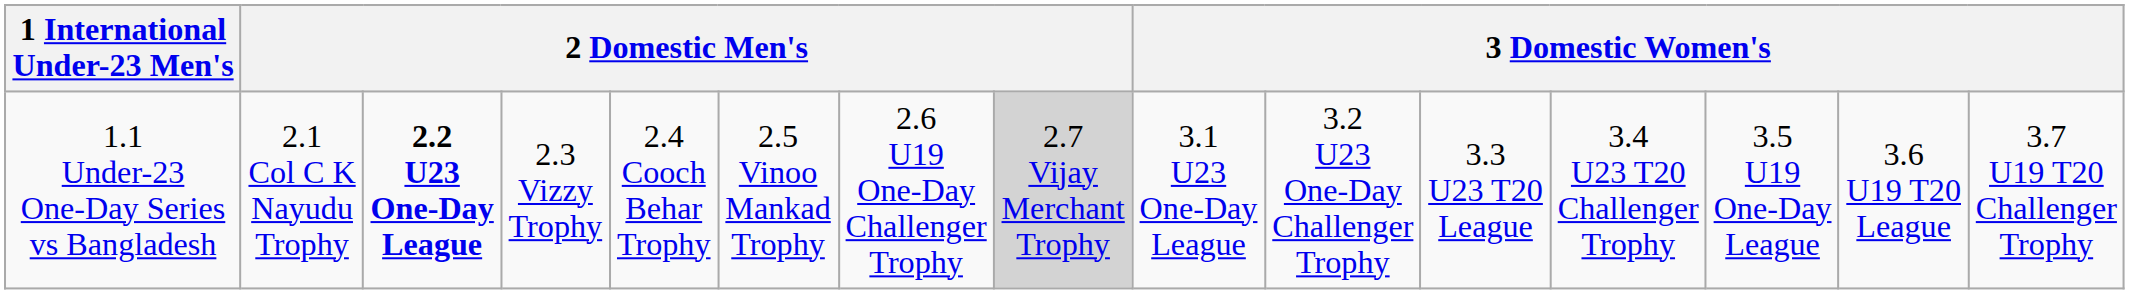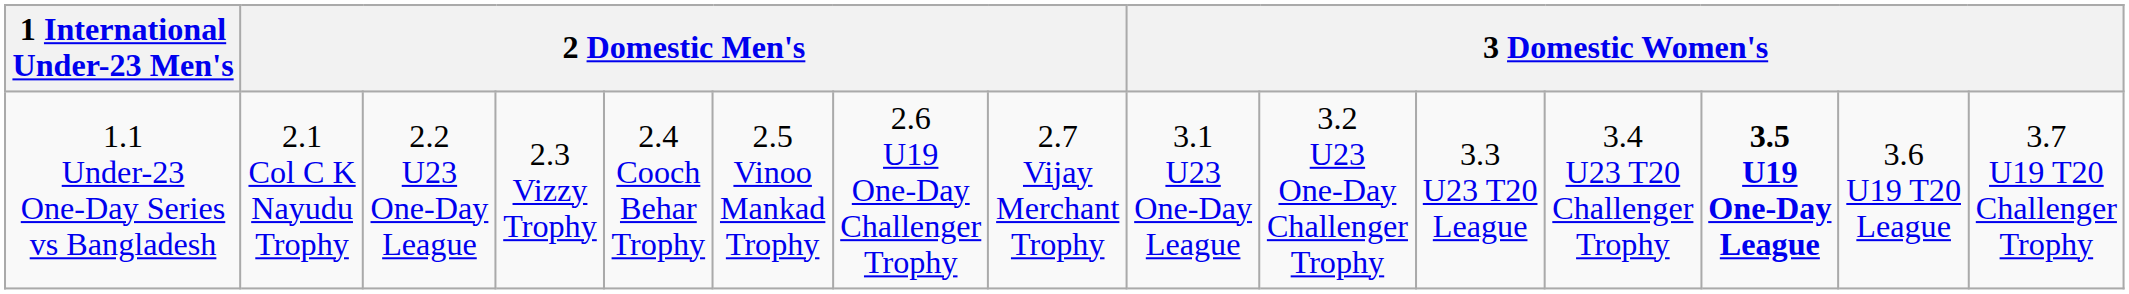 <table class="wikitable collapsible" style="text-align:center; white-space:nowrap;">
 <tr>
 <th colspan=1>1 <a href='#'>International<br>Under-23 Men's</a></th>
 <th colspan=7>2 <a href='#'>Domestic Men's</a></th>
 <th colspan=7>3 <a href='#'>Domestic Women's</a></th>
 </tr>
 <tr>
 <td>1.1<br><a href='#'>Under-23<br>One-Day Series<br>vs Bangladesh</a></td>
 <td>2.1<br><a href='#'>Col C K<br>Nayudu<br>Trophy</a></td>
-<td><strong>2.2<br><a href='#'>U23<br>One-Day<br>League</a></strong></td>
+<td>2.2<br><a href='#'>U23<br>One-Day<br>League</a></td>
 <td>2.3<br><a href='#'>Vizzy<br>Trophy</a></td>
 <td>2.4<br><a href='#'>Cooch<br>Behar<br>Trophy</a></td>
 <td>2.5<br><a href='#'>Vinoo<br>Mankad<br>Trophy</a></td>
 <td>2.6<br><a href='#'>U19<br>One-Day<br>Challenger<br>Trophy</a></td>
-<td style="background: lightgrey;">2.7<br><a href='#'>Vijay<br>Merchant<br>Trophy</a></td>
+<td>2.7<br><a href='#'>Vijay<br>Merchant<br>Trophy</a></td>
 <td>3.1<br><a href='#'>U23<br>One-Day<br>League</a></td>
 <td>3.2<br><a href='#'>U23<br>One-Day<br>Challenger<br>Trophy</a></td>
 <td>3.3<br><a href='#'>U23 T20<br>League</a></td>
 <td>3.4<br><a href='#'>U23 T20<br>Challenger<br>Trophy</a></td>
-<td>3.5<br><a href='#'>U19<br>One-Day<br>League</a></td>
+<td><strong>3.5<br><a href='#'>U19<br>One-Day<br>League</a></strong></td>
 <td>3.6<br><a href='#'>U19 T20<br>League</a></td>
 <td>3.7<br><a href='#'>U19 T20<br>Challenger<br>Trophy</a></td>
 </tr>
 </table>
